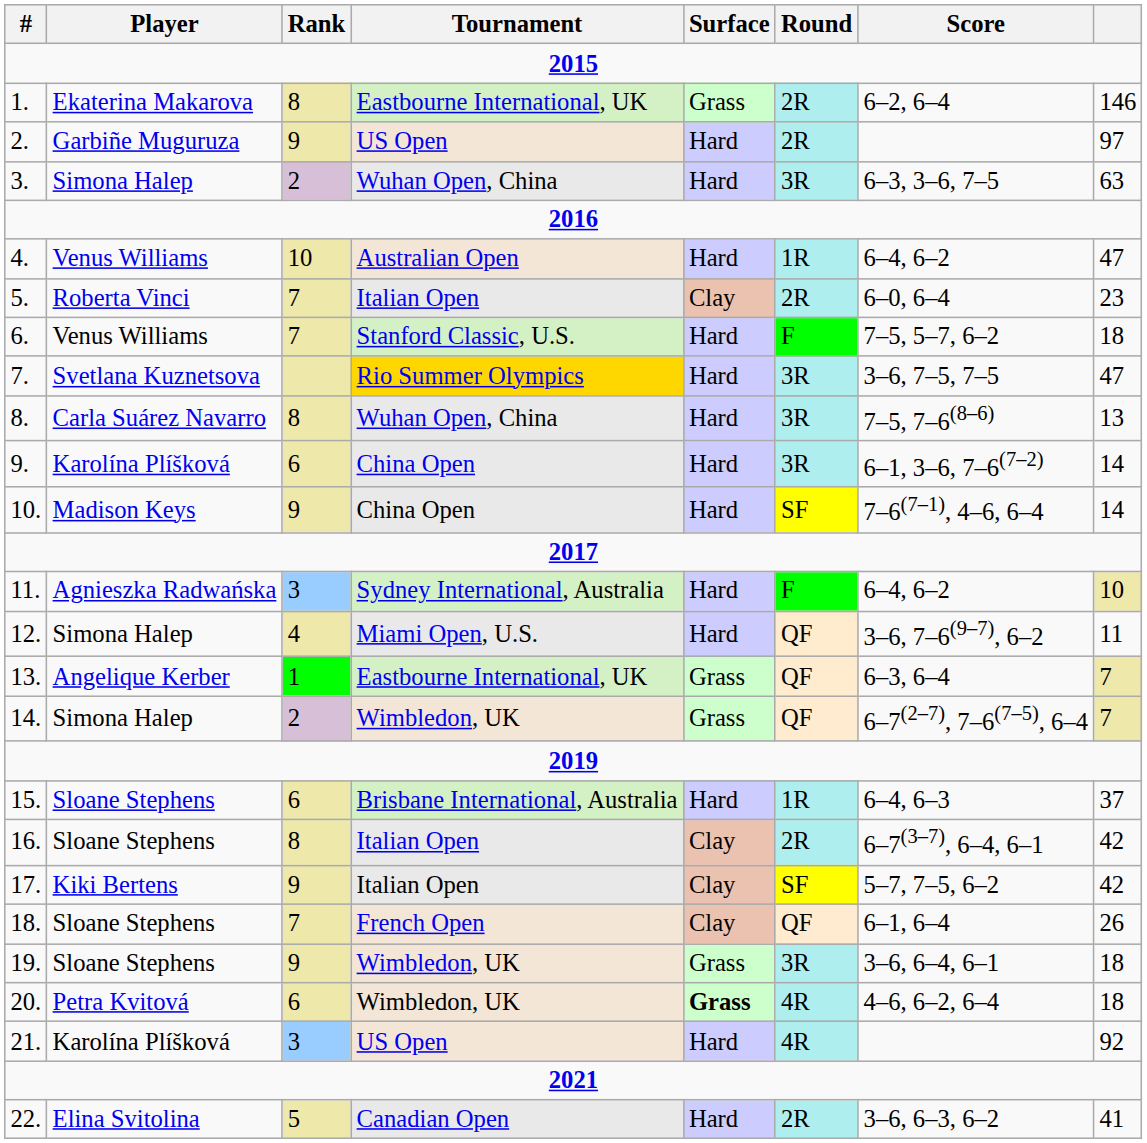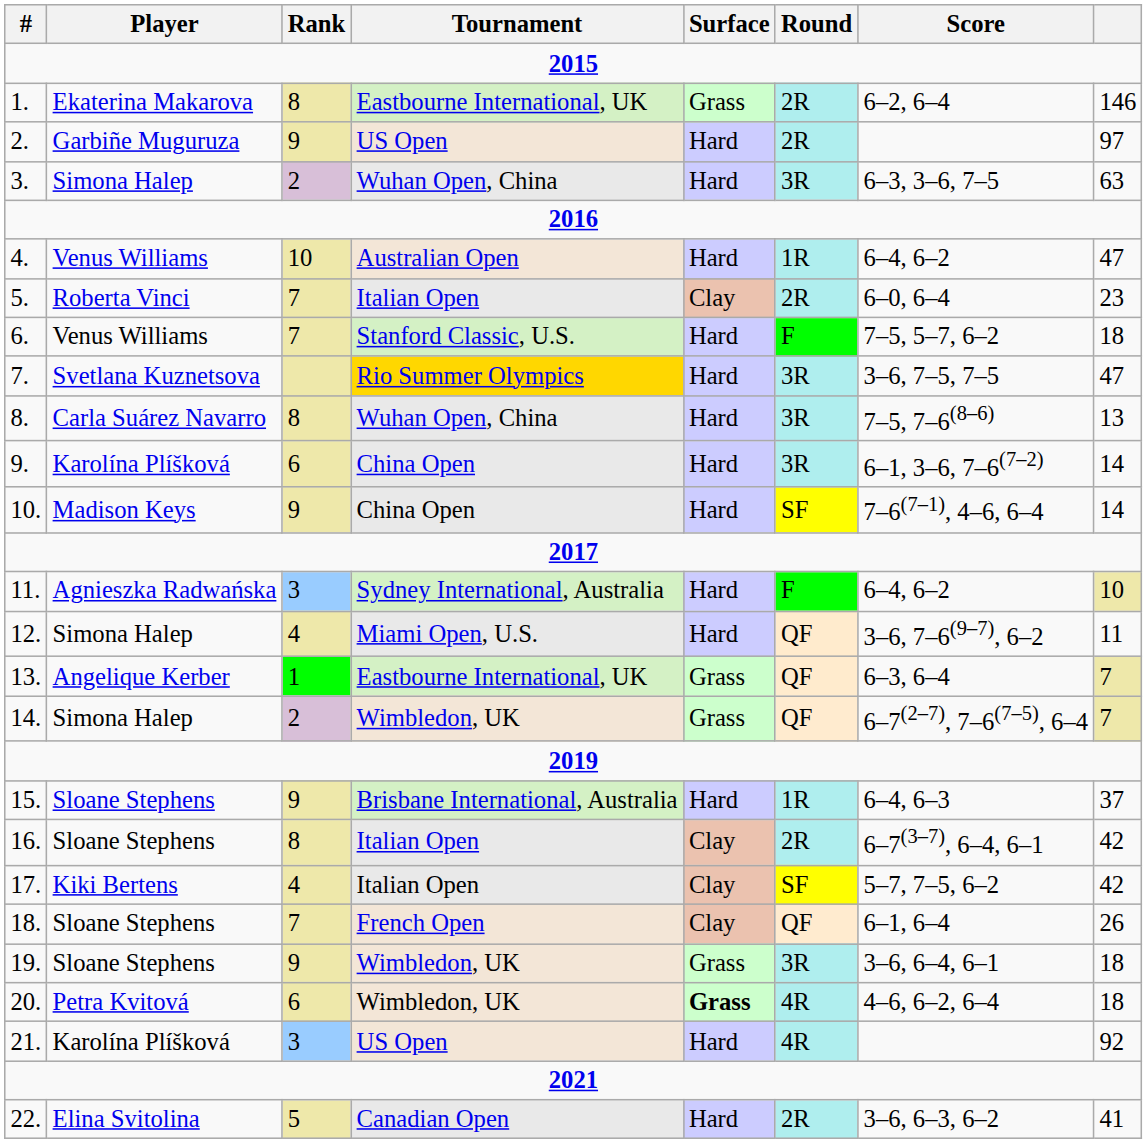 <table class="wikitable sortable">
 <tr>
 <th>#</th>
 <th>Player</th>
 <th>Rank</th>
 <th>Tournament</th>
 <th>Surface</th>
 <th>Round</th>
 <th>Score</th>
 <th></th>
 </tr>
 <tr>
 <td colspan=8 style=text-align:center><strong><a href='#'>2015</a></strong></td>
 </tr>
 <tr>
 <td>1.</td>
 <td> <a href='#'>Ekaterina Makarova</a></td>
 <td style="background:#eee8aa;">8</td>
 <td style="background:#d4f1c5;"><a href='#'>Eastbourne International</a>, UK</td>
 <td style="background:#cfc;">Grass</td>
 <td style="background:#afeeee;">2R</td>
 <td>6–2, 6–4</td>
 <td>146</td>
 </tr>
 <tr>
 <td>2.</td>
 <td> <a href='#'>Garbiñe Muguruza</a></td>
 <td style="background:#eee8aa;">9</td>
 <td style="background:#f3e6d7;"><a href='#'>US Open</a></td>
 <td style="background:#ccf;">Hard</td>
 <td style="background:#afeeee;">2R</td>
 <td></td>
 <td>97</td>
 </tr>
 <tr>
 <td>3.</td>
 <td> <a href='#'>Simona Halep</a></td>
 <td style="background:thistle;">2</td>
 <td style="background:#e9e9e9;"><a href='#'>Wuhan Open</a>, China</td>
 <td style="background:#ccf;">Hard</td>
 <td style="background:#afeeee;">3R</td>
 <td>6–3, 3–6, 7–5</td>
 <td>63</td>
 </tr>
 <tr>
 <td colspan=8 style=text-align:center><strong><a href='#'>2016</a></strong></td>
 </tr>
 <tr>
 <td>4.</td>
 <td> <a href='#'>Venus Williams</a></td>
 <td style="background:#eee8aa;">10</td>
 <td style="background:#f3e6d7;"><a href='#'>Australian Open</a></td>
 <td style="background:#ccf;">Hard</td>
 <td style="background:#afeeee;">1R</td>
 <td>6–4, 6–2</td>
 <td>47</td>
 </tr>
 <tr>
 <td>5.</td>
 <td> <a href='#'>Roberta Vinci</a></td>
 <td style="background:#eee8aa;">7</td>
 <td style="background:#e9e9e9;"><a href='#'>Italian Open</a></td>
 <td style="background:#ebc2af;">Clay</td>
 <td style="background:#afeeee;">2R</td>
 <td>6–0, 6–4</td>
 <td>23</td>
 </tr>
 <tr>
 <td>6.</td>
 <td> Venus Williams</td>
 <td style="background:#eee8aa;">7</td>
 <td bgcolor=d4f1c5><a href='#'>Stanford Classic</a>, U.S.</td>
 <td bgcolor=CCCCFF>Hard</td>
 <td bgcolor=lime>F</td>
 <td>7–5, 5–7, 6–2</td>
 <td>18</td>
 </tr>
 <tr>
 <td>7.</td>
 <td> <a href='#'>Svetlana Kuznetsova</a></td>
 <td style="background:#eee8aa;"></td>
 <td style="background:gold;"><a href='#'>Rio Summer Olympics</a></td>
 <td style="background:#ccf;">Hard</td>
 <td style="background:#afeeee;">3R</td>
 <td>3–6, 7–5, 7–5</td>
 <td>47</td>
 </tr>
 <tr>
 <td>8.</td>
 <td> <a href='#'>Carla Suárez Navarro</a></td>
 <td style="background:#eee8aa;">8</td>
 <td style="background:#e9e9e9;"><a href='#'>Wuhan Open</a>, China</td>
 <td style="background:#ccf;">Hard</td>
 <td style="background:#afeeee;">3R</td>
 <td>7–5, 7–6<sup>(8–6)</sup></td>
 <td>13</td>
 </tr>
 <tr>
 <td>9.</td>
 <td> <a href='#'>Karolína Plíšková</a></td>
 <td style="background:#eee8aa;">6</td>
 <td style="background:#e9e9e9;"><a href='#'>China Open</a></td>
 <td style="background:#ccf;">Hard</td>
 <td style="background:#afeeee;">3R</td>
 <td>6–1, 3–6, 7–6<sup>(7–2)</sup></td>
 <td>14</td>
 </tr>
 <tr>
 <td>10.</td>
 <td> <a href='#'>Madison Keys</a></td>
 <td style="background:#eee8aa;">9</td>
 <td style="background:#e9e9e9;">China Open</td>
 <td style="background:#ccf;">Hard</td>
 <td style="background:yellow;">SF</td>
 <td>7–6<sup>(7–1)</sup>, 4–6, 6–4</td>
 <td>14</td>
 </tr>
 <tr>
 <td colspan=8 style=text-align:center><strong><a href='#'>2017</a></strong></td>
 </tr>
 <tr>
 <td>11.</td>
 <td> <a href='#'>Agnieszka Radwańska</a></td>
 <td style="background:#99ccff;">3</td>
 <td style="background:#d4f1c5;"><a href='#'>Sydney International</a>, Australia</td>
 <td style="background:#ccf;">Hard</td>
 <td style="background:lime;">F</td>
 <td>6–4, 6–2</td>
 <td style="background:#EEE8AA;">10</td>
 </tr>
 <tr>
 <td>12.</td>
 <td> Simona Halep</td>
 <td style="background:#eee8aa;">4</td>
 <td style="background:#e9e9e9;"><a href='#'>Miami Open</a>, U.S.</td>
 <td style="background:#ccf;">Hard</td>
 <td style="background:#ffebcd;">QF</td>
 <td>3–6, 7–6<sup>(9–7)</sup>, 6–2</td>
 <td>11</td>
 </tr>
 <tr>
 <td>13.</td>
 <td> <a href='#'>Angelique Kerber</a></td>
 <td style="background:lime;">1</td>
 <td bgcolor=d4f1c5><a href='#'>Eastbourne International</a>, UK</td>
 <td bgcolor=CCFFCC>Grass</td>
 <td bgcolor= ffebcd>QF</td>
 <td>6–3, 6–4</td>
 <td style="background:#EEE8AA;">7</td>
 </tr>
 <tr>
 <td>14.</td>
 <td> Simona Halep</td>
 <td style="background:thistle;">2</td>
 <td style="background:#f3e6d7;"><a href='#'>Wimbledon</a>, UK</td>
 <td style="background:#ccffcc;">Grass</td>
 <td style="background:#ffebcf;">QF</td>
 <td>6–7<sup>(2–7)</sup>, 7–6<sup>(7–5)</sup>, 6–4</td>
 <td style="background:#EEE8AA;">7</td>
 </tr>
 <tr>
 <td colspan=8 style=text-align:center><strong><a href='#'>2019</a></strong></td>
 </tr>
 <tr>
 <td>15.</td>
 <td> <a href='#'>Sloane Stephens</a></td>
-<td style="background:#eee8aa;">6</td>
+<td style="background:#eee8aa;">9</td>
 <td bgcolor=d4f1c5><a href='#'>Brisbane International</a>, Australia</td>
 <td bgcolor=CCCCFF>Hard</td>
 <td bgcolor=afeeee>1R</td>
 <td>6–4, 6–3</td>
 <td>37</td>
 </tr>
 <tr>
 <td>16.</td>
 <td> Sloane Stephens</td>
 <td style="background:#eee8aa;">8</td>
 <td style="background:#e9e9e9;"><a href='#'>Italian Open</a></td>
 <td style="background:#ebc2af;">Clay</td>
 <td style="background:#afeeee;">2R</td>
 <td>6–7<sup>(3–7)</sup>, 6–4, 6–1</td>
 <td>42</td>
 </tr>
 <tr>
 <td>17.</td>
 <td> <a href='#'>Kiki Bertens</a></td>
-<td style="background:#eee8aa;">9</td>
+<td style="background:#eee8aa;">4</td>
 <td style="background:#e9e9e9;">Italian Open</td>
 <td style="background:#ebc2af;">Clay</td>
 <td style="background:yellow;">SF</td>
 <td>5–7, 7–5, 6–2</td>
 <td>42</td>
 </tr>
 <tr>
 <td>18.</td>
 <td> Sloane Stephens</td>
 <td style="background:#eee8aa;">7</td>
 <td style="background:#f3e6d7;"><a href='#'>French Open</a></td>
 <td style="background:#ebc2af;">Clay</td>
 <td style="background:#ffebcf;">QF</td>
 <td>6–1, 6–4</td>
 <td>26</td>
 </tr>
 <tr>
 <td>19.</td>
 <td> Sloane Stephens</td>
 <td style="background:#eee8aa;">9</td>
 <td style="background:#f3e6d7;"><a href='#'>Wimbledon</a>, UK</td>
 <td style="background:#ccffcc;">Grass</td>
 <td style="background:#afeeee;">3R</td>
 <td>3–6, 6–4, 6–1</td>
 <td>18</td>
 </tr>
 <tr>
 <td>20.</td>
 <td> <a href='#'>Petra Kvitová</a></td>
 <td style="background:#eee8aa;">6</td>
 <td style="background:#f3e6d7;">Wimbledon, UK</td>
 <td style="background:#ccffcc;"><strong>Grass</strong></td>
 <td style="background:#afeeee;">4R</td>
 <td>4–6, 6–2, 6–4</td>
 <td>18</td>
 </tr>
 <tr>
 <td>21.</td>
 <td> Karolína Plíšková</td>
 <td style="background:#99ccff;">3</td>
 <td style="background:#f3e6d7;"><a href='#'>US Open</a></td>
 <td style="background:#ccf;">Hard</td>
 <td style="background:#afeeee;">4R</td>
 <td></td>
 <td>92</td>
 </tr>
 <tr>
 <td colspan=8 style=text-align:center><strong><a href='#'>2021</a></strong></td>
 </tr>
 <tr>
 <td>22.</td>
 <td> <a href='#'>Elina Svitolina</a></td>
 <td style="background:#eee8aa;">5</td>
 <td style="background:#e9e9e9;"><a href='#'>Canadian Open</a></td>
 <td style="background:#ccf;">Hard</td>
 <td style="background:#afeeee;">2R</td>
 <td>3–6, 6–3, 6–2</td>
 <td>41</td>
 </tr>
 </table>
